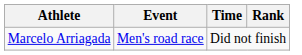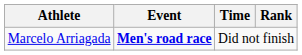 <table class=wikitable style="font-size:90%">
 <tr>
 <th>Athlete</th>
 <th>Event</th>
 <th>Time</th>
 <th>Rank</th>
 </tr>
 <tr align=center>
 <td align=left><a href='#'>Marcelo Arriagada</a></td>
-<td align=left><a href='#'>Men's road race</a></td>
+<td align=left><strong><a href='#'>Men's road race</a></strong></td>
 <td colspan=2>Did not finish</td>
 </tr>
 </table>
